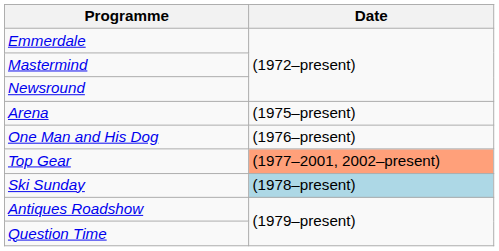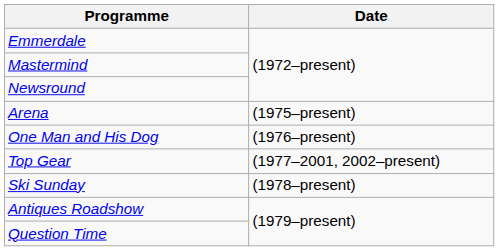 <table class="wikitable">
 <tr>
 <th width=250>Programme</th>
 <th width=250>Date</th>
 </tr>
 <tr>
 <td><em><a href='#'>Emmerdale</a></em></td>
 <td rowspan="3">(1972–present)</td>
 </tr>
 <tr>
 <td><em><a href='#'>Mastermind</a></em></td>
 </tr>
 <tr>
 <td><em><a href='#'>Newsround</a></em></td>
 </tr>
 <tr>
 <td><em><a href='#'>Arena</a></em></td>
 <td>(1975–present)</td>
 </tr>
 <tr>
 <td><em><a href='#'>One Man and His Dog</a></em></td>
 <td>(1976–present)</td>
 </tr>
 <tr>
 <td><em><a href='#'>Top Gear</a></em></td>
-<td style="background: lightsalmon;">(1977–2001, 2002–present)</td>
+<td>(1977–2001, 2002–present)</td>
 </tr>
 <tr>
 <td><em><a href='#'>Ski Sunday</a></em></td>
-<td style="background: lightblue;">(1978–present)</td>
+<td>(1978–present)</td>
 </tr>
 <tr>
 <td><em><a href='#'>Antiques Roadshow</a></em></td>
 <td rowspan="2">(1979–present)</td>
 </tr>
 <tr>
 <td><em><a href='#'>Question Time</a></em></td>
 </tr>
 </table>
